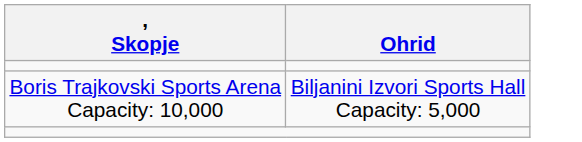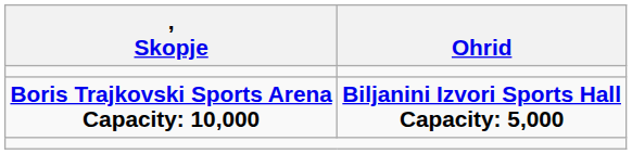 <table class="wikitable" style="text-align:center;">
 <tr>
 <th>,  <br><a href='#'>Skopje</a></th>
 <th><br> <a href='#'>Ohrid</a></th>
 </tr>
 <tr>
 <td></td>
 <td></td>
 </tr>
 <tr>
-<td><a href='#'>Boris Trajkovski Sports Arena</a><br>Capacity: 10,000</td>
-<td><a href='#'>Biljanini Izvori Sports Hall</a><br>Capacity: 5,000</td>
+<td><strong><a href='#'>Boris Trajkovski Sports Arena</a><br>Capacity: 10,000</strong></td>
+<td><strong><a href='#'>Biljanini Izvori Sports Hall</a><br>Capacity: 5,000</strong></td>
 </tr>
 <tr>
 <td colspan=2></td>
 </tr>
 </table>
